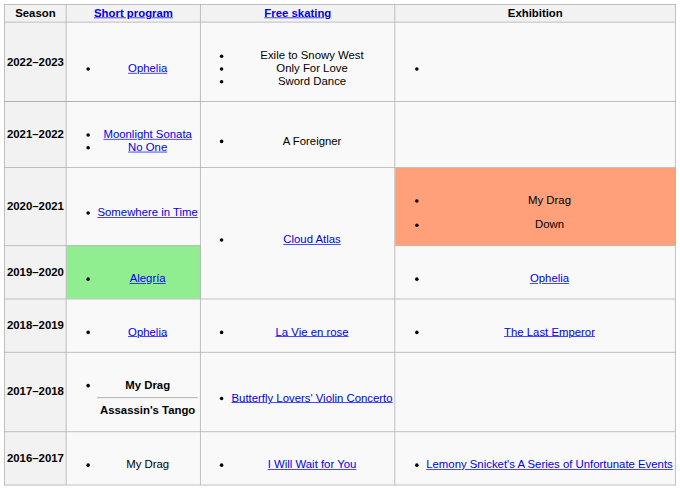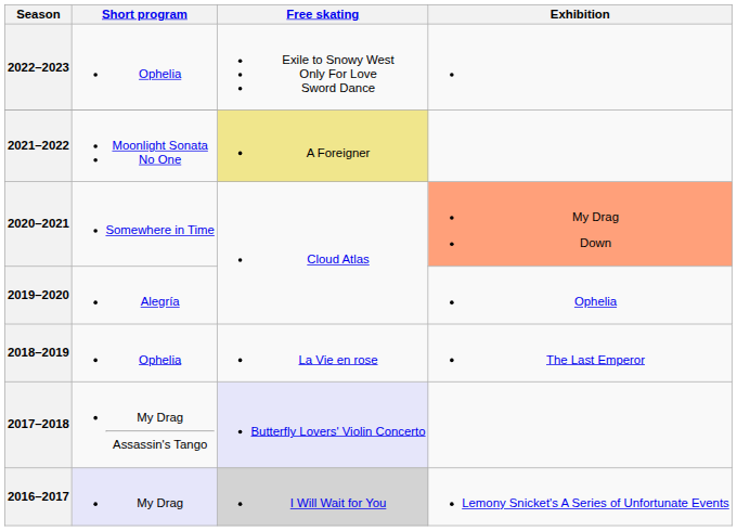 <table class="wikitable" style="text-align:center">
 <tr>
 <th>Season</th>
 <th><a href='#'>Short program</a></th>
 <th><a href='#'>Free skating</a></th>
 <th>Exhibition</th>
 </tr>
 <tr>
 <th>2022–2023 <br> </th>
 <td><br><ul><li><a href='#'>Ophelia</a> <br> </li></ul></td>
 <td rowspan=2><br><ul><li>Exile to Snowy West</li><li>Only For Love</li><li>Sword Dance <br></li></ul></td>
 <td><br><ul><li></li></ul></td>
 </tr>
 <tr>
 </tr>
 <tr>
 <th>2021–2022 <br> </th>
 <td><br><ul><li><a href='#'>Moonlight Sonata</a>  <br> </li><li><a href='#'>No One</a> <br> </li></ul></td>
-<td><br><ul><li>A Foreigner </li></ul></td>
+<td style="background: khaki;"><br><ul><li>A Foreigner </li></ul></td>
 </tr>
 <tr>
 <th>2020–2021 <br> </th>
 <td><br><ul><li><a href='#'>Somewhere in Time</a>  <br> </li></ul></td>
 <td rowspan=2><br><ul><li><a href='#'>Cloud Atlas</a> <br> </li></ul></td>
 <td style="background: lightsalmon;"><br><ul><li>My Drag </li></ul><ul><li>Down </li></ul></td>
 </tr>
 <tr>
 <th>2019–2020 <br> </th>
-<td style="background: lightgreen;"><br><ul><li><a href='#'>Alegría</a> <br> </li></ul></td>
+<td><br><ul><li><a href='#'>Alegría</a> <br> </li></ul></td>
 <td><br><ul><li><a href='#'>Ophelia</a></li></ul></td>
 </tr>
 <tr>
 <th>2018–2019 <br> </th>
 <td><br><ul><li><a href='#'>Ophelia</a> <br> </li></ul></td>
 <td><br><ul><li><a href='#'>La Vie en rose</a> <br> </li></ul></td>
 <td><br><ul><li><a href='#'>The Last Emperor</a></li></ul></td>
 </tr>
 <tr>
 <th>2017–2018 <br> </th>
-<td><strong><br><ul><li>My Drag <br> <hr> Assassin's Tango <br> </li></ul></strong></td>
-<td><br><ul><li><a href='#'>Butterfly Lovers' Violin Concerto</a> <br></li></ul></td>
+<td><br><ul><li>My Drag <br> <hr> Assassin's Tango <br> </li></ul></td>
+<td style="background: lavender;"><br><ul><li><a href='#'>Butterfly Lovers' Violin Concerto</a> <br></li></ul></td>
 <td></td>
 </tr>
 <tr>
 <th>2016–2017 <br></th>
-<td><br><ul><li>My Drag <br></li></ul></td>
-<td><br><ul><li><a href='#'>I Will Wait for You</a> <br></li></ul></td>
+<td style="background: lavender;"><br><ul><li>My Drag <br></li></ul></td>
+<td style="background: lightgrey;"><br><ul><li><a href='#'>I Will Wait for You</a> <br></li></ul></td>
 <td><br><ul><li><a href='#'>Lemony Snicket's A Series of Unfortunate Events</a> <br></li></ul></td>
 </tr>
 </table>
